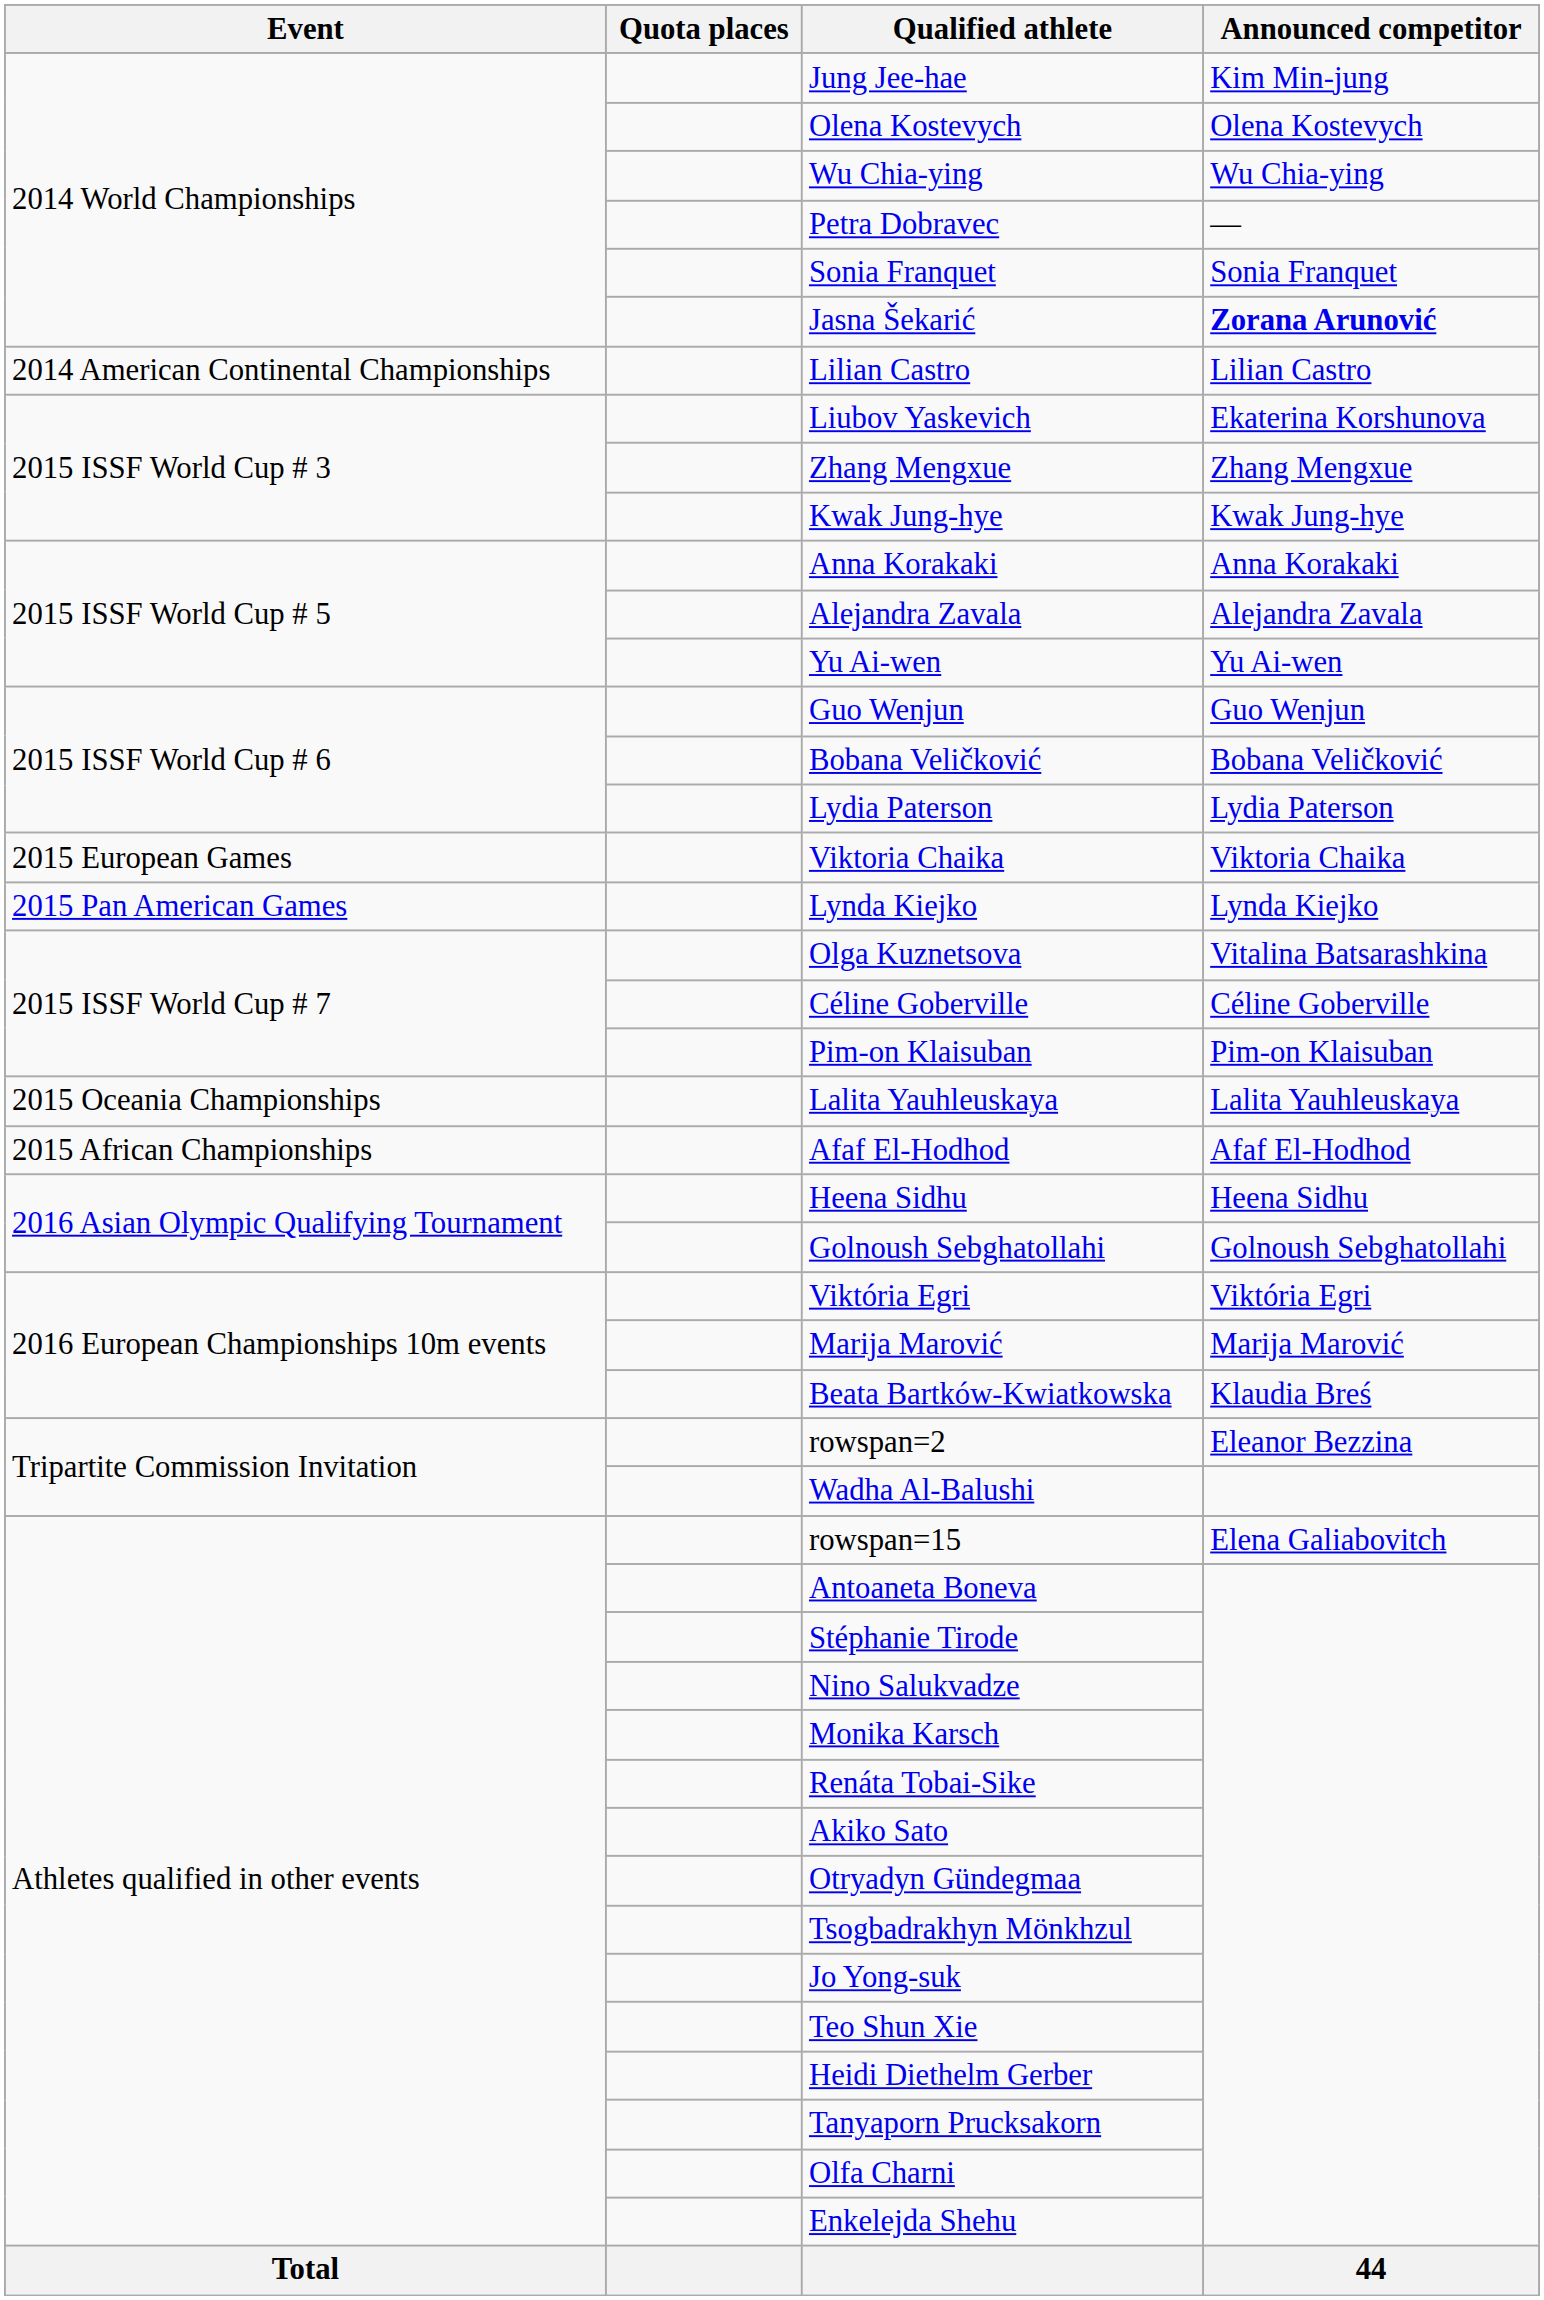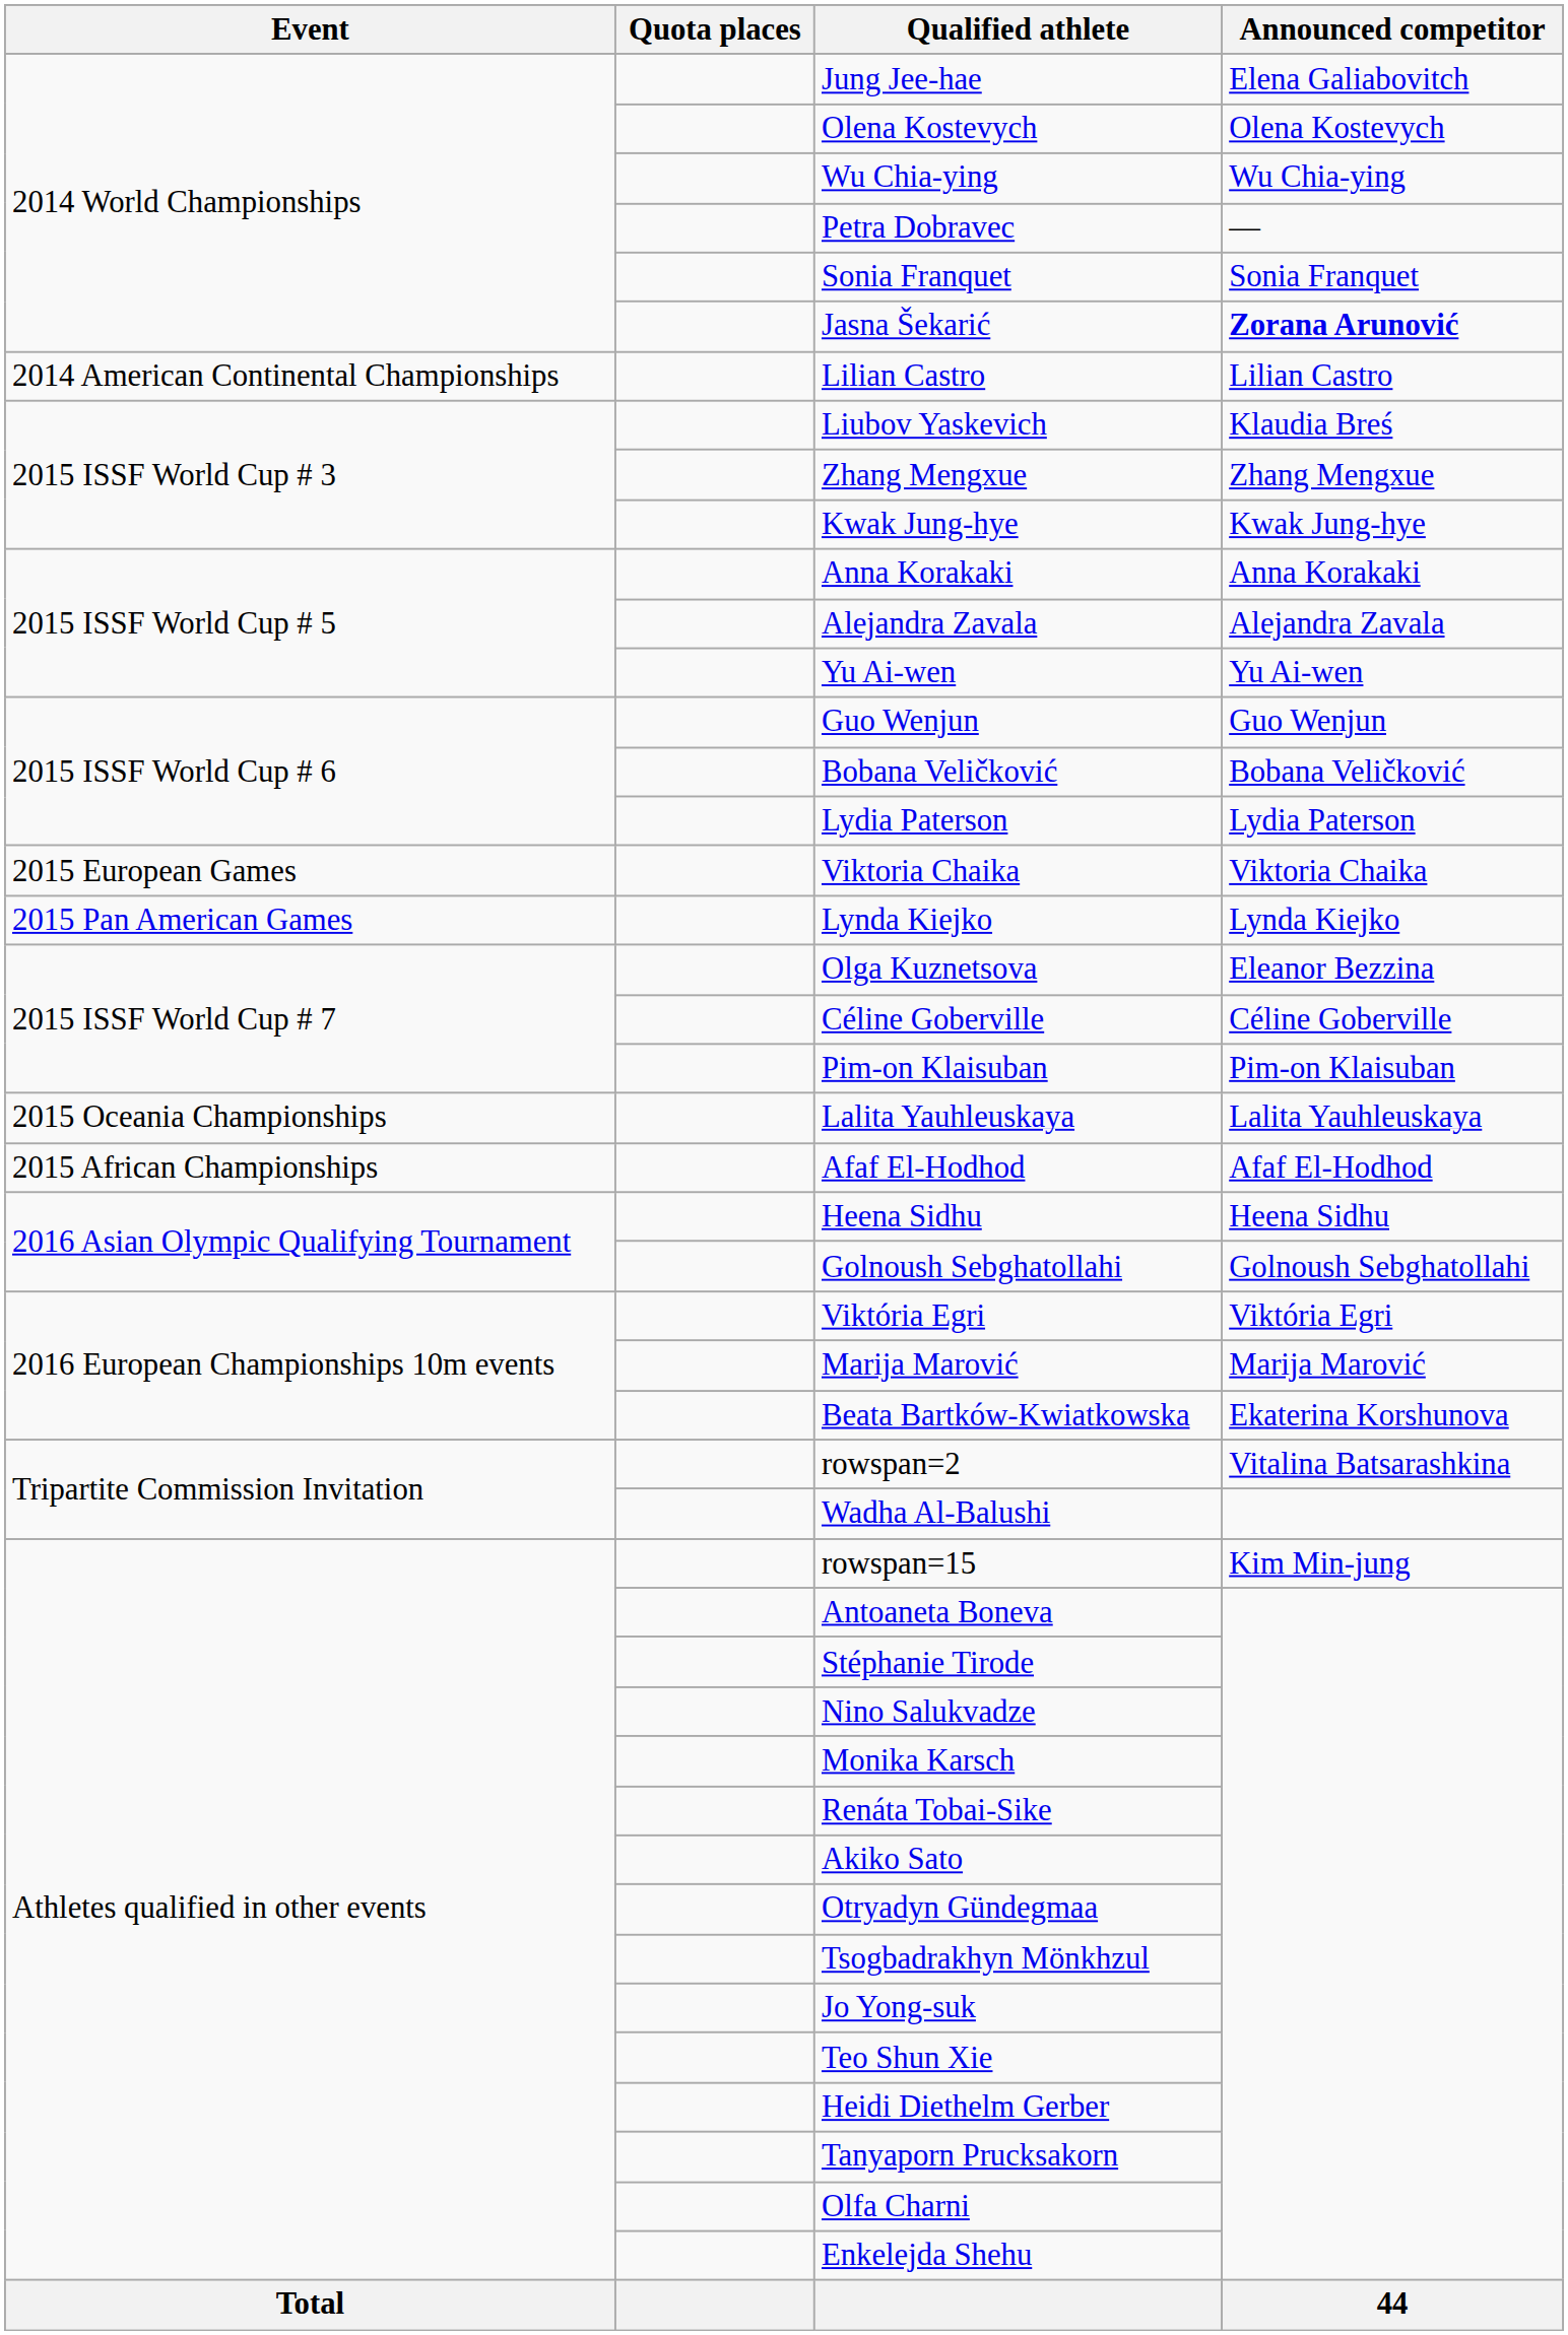 <table class=wikitable style="text-align:left" width=800>
 <tr>
 <th>Event</th>
 <th>Quota places</th>
 <th>Qualified athlete</th>
 <th>Announced competitor</th>
 </tr>
 <tr>
 <td rowspan="6">2014 World Championships</td>
 <td></td>
 <td><a href='#'>Jung Jee-hae</a></td>
-<td><a href='#'>Kim Min-jung</a></td>
+<td><a href='#'>Elena Galiabovitch</a></td>
 </tr>
 <tr>
 <td></td>
 <td><a href='#'>Olena Kostevych</a></td>
 <td><a href='#'>Olena Kostevych</a></td>
 </tr>
 <tr>
 <td></td>
 <td><a href='#'>Wu Chia-ying</a></td>
 <td><a href='#'>Wu Chia-ying</a></td>
 </tr>
 <tr>
 <td></td>
 <td><a href='#'>Petra Dobravec</a></td>
 <td>—</td>
 </tr>
 <tr>
 <td></td>
 <td><a href='#'>Sonia Franquet</a></td>
 <td><a href='#'>Sonia Franquet</a></td>
 </tr>
 <tr>
 <td></td>
 <td><a href='#'>Jasna Šekarić</a></td>
 <td><strong><a href='#'>Zorana Arunović</a></strong></td>
 </tr>
 <tr>
 <td>2014 American Continental Championships</td>
 <td></td>
 <td><a href='#'>Lilian Castro</a></td>
 <td><a href='#'>Lilian Castro</a></td>
 </tr>
 <tr>
 <td rowspan="3">2015 ISSF World Cup # 3</td>
 <td></td>
 <td><a href='#'>Liubov Yaskevich</a></td>
-<td><a href='#'>Ekaterina Korshunova</a></td>
+<td><a href='#'>Klaudia Breś</a></td>
 </tr>
 <tr>
 <td></td>
 <td><a href='#'>Zhang Mengxue</a></td>
 <td><a href='#'>Zhang Mengxue</a></td>
 </tr>
 <tr>
 <td></td>
 <td><a href='#'>Kwak Jung-hye</a></td>
 <td><a href='#'>Kwak Jung-hye</a></td>
 </tr>
 <tr>
 <td rowspan="3">2015 ISSF World Cup # 5</td>
 <td></td>
 <td><a href='#'>Anna Korakaki</a></td>
 <td><a href='#'>Anna Korakaki</a></td>
 </tr>
 <tr>
 <td></td>
 <td><a href='#'>Alejandra Zavala</a></td>
 <td><a href='#'>Alejandra Zavala</a></td>
 </tr>
 <tr>
 <td></td>
 <td><a href='#'>Yu Ai-wen</a></td>
 <td><a href='#'>Yu Ai-wen</a></td>
 </tr>
 <tr>
 <td rowspan="3">2015 ISSF World Cup # 6</td>
 <td></td>
 <td><a href='#'>Guo Wenjun</a></td>
 <td><a href='#'>Guo Wenjun</a></td>
 </tr>
 <tr>
 <td></td>
 <td><a href='#'>Bobana Veličković</a></td>
 <td><a href='#'>Bobana Veličković</a></td>
 </tr>
 <tr>
 <td></td>
 <td><a href='#'>Lydia Paterson</a></td>
 <td><a href='#'>Lydia Paterson</a></td>
 </tr>
 <tr>
 <td>2015 European Games</td>
 <td></td>
 <td><a href='#'>Viktoria Chaika</a></td>
 <td><a href='#'>Viktoria Chaika</a></td>
 </tr>
 <tr>
 <td><a href='#'>2015 Pan American Games</a></td>
 <td></td>
 <td><a href='#'>Lynda Kiejko</a></td>
 <td><a href='#'>Lynda Kiejko</a></td>
 </tr>
 <tr>
 <td rowspan="3">2015 ISSF World Cup # 7</td>
 <td></td>
 <td><a href='#'>Olga Kuznetsova</a></td>
-<td><a href='#'>Vitalina Batsarashkina</a></td>
+<td><a href='#'>Eleanor Bezzina</a></td>
 </tr>
 <tr>
 <td></td>
 <td><a href='#'>Céline Goberville</a></td>
 <td><a href='#'>Céline Goberville</a></td>
 </tr>
 <tr>
 <td></td>
 <td><a href='#'>Pim-on Klaisuban</a></td>
 <td><a href='#'>Pim-on Klaisuban</a></td>
 </tr>
 <tr>
 <td rowspan="1">2015 Oceania Championships</td>
 <td></td>
 <td><a href='#'>Lalita Yauhleuskaya</a></td>
 <td><a href='#'>Lalita Yauhleuskaya</a></td>
 </tr>
 <tr>
 <td rowspan="1">2015 African Championships</td>
 <td></td>
 <td><a href='#'>Afaf El-Hodhod</a></td>
 <td><a href='#'>Afaf El-Hodhod</a></td>
 </tr>
 <tr>
 <td rowspan="2"><a href='#'>2016 Asian Olympic Qualifying Tournament</a></td>
 <td></td>
 <td><a href='#'>Heena Sidhu</a></td>
 <td><a href='#'>Heena Sidhu</a></td>
 </tr>
 <tr>
 <td></td>
 <td><a href='#'>Golnoush Sebghatollahi</a></td>
 <td><a href='#'>Golnoush Sebghatollahi</a></td>
 </tr>
 <tr>
 <td rowspan="3">2016 European Championships 10m events</td>
 <td></td>
 <td><a href='#'>Viktória Egri</a></td>
 <td><a href='#'>Viktória Egri</a></td>
 </tr>
 <tr>
 <td></td>
 <td><a href='#'>Marija Marović</a></td>
 <td><a href='#'>Marija Marović</a></td>
 </tr>
 <tr>
 <td></td>
 <td><a href='#'>Beata Bartków-Kwiatkowska</a></td>
-<td><a href='#'>Klaudia Breś</a></td>
+<td><a href='#'>Ekaterina Korshunova</a></td>
 </tr>
 <tr>
 <td rowspan="2">Tripartite Commission Invitation</td>
 <td></td>
 <td>rowspan=2 </td>
-<td><a href='#'>Eleanor Bezzina</a></td>
+<td><a href='#'>Vitalina Batsarashkina</a></td>
 </tr>
 <tr>
 <td></td>
 <td><a href='#'>Wadha Al-Balushi</a></td>
 </tr>
 <tr>
 <td rowspan="15">Athletes qualified in other events</td>
 <td></td>
 <td>rowspan=15 </td>
-<td><a href='#'>Elena Galiabovitch</a></td>
+<td><a href='#'>Kim Min-jung</a></td>
 </tr>
 <tr>
 <td></td>
 <td><a href='#'>Antoaneta Boneva</a></td>
 </tr>
 <tr>
 <td></td>
 <td><a href='#'>Stéphanie Tirode</a></td>
 </tr>
 <tr>
 <td></td>
 <td><a href='#'>Nino Salukvadze</a></td>
 </tr>
 <tr>
 <td></td>
 <td><a href='#'>Monika Karsch</a></td>
 </tr>
 <tr>
 <td></td>
 <td><a href='#'>Renáta Tobai-Sike</a></td>
 </tr>
 <tr>
 <td></td>
 <td><a href='#'>Akiko Sato</a></td>
 </tr>
 <tr>
 <td></td>
 <td><a href='#'>Otryadyn Gündegmaa</a></td>
 </tr>
 <tr>
 <td></td>
 <td><a href='#'>Tsogbadrakhyn Mönkhzul</a></td>
 </tr>
 <tr>
 <td></td>
 <td><a href='#'>Jo Yong-suk</a></td>
 </tr>
 <tr>
 <td></td>
 <td><a href='#'>Teo Shun Xie</a></td>
 </tr>
 <tr>
 <td></td>
 <td><a href='#'>Heidi Diethelm Gerber</a></td>
 </tr>
 <tr>
 <td></td>
 <td><a href='#'>Tanyaporn Prucksakorn</a></td>
 </tr>
 <tr>
 <td></td>
 <td><a href='#'>Olfa Charni</a></td>
 </tr>
 <tr>
 <td></td>
 <td><a href='#'>Enkelejda Shehu</a></td>
 </tr>
 <tr>
 <th>Total</th>
 <th></th>
 <th></th>
 <th>44</th>
 </tr>
 </table>
